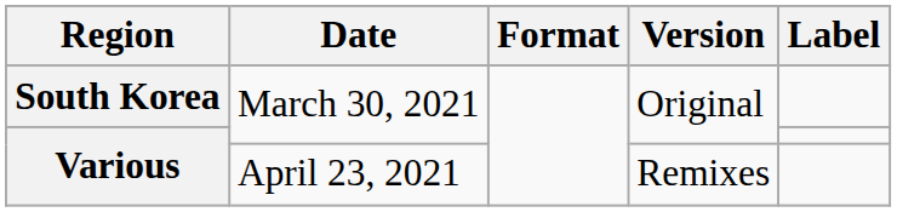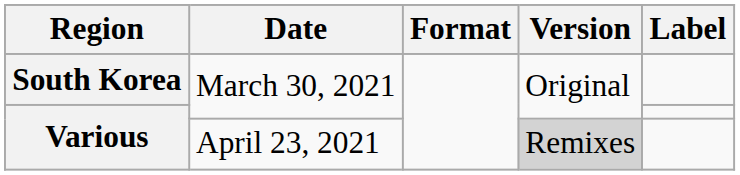 <table class="wikitable plainrowheaders">
 <tr>
 <th scope="col">Region</th>
 <th scope="col">Date</th>
 <th scope="col">Format</th>
 <th scope="col">Version</th>
 <th scope="col">Label</th>
 </tr>
 <tr>
 <th scope="row">South Korea</th>
 <td rowspan="2">March 30, 2021</td>
 <td rowspan="3"></td>
 <td rowspan="2">Original</td>
 <td></td>
 </tr>
 <tr>
 <th rowspan="2" scope="row">Various</th>
 <td></td>
 </tr>
 <tr>
 <td>April 23, 2021</td>
-<td>Remixes</td>
+<td style="background: lightgrey;">Remixes</td>
 <td></td>
 </tr>
 </table>
